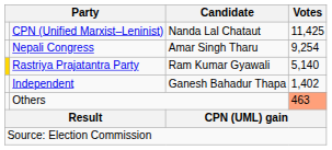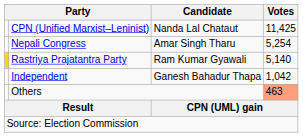 <table class="wikitable">
 <tr>
 <th colspan="2">Party</th>
 <th>Candidate</th>
 <th>Votes</th>
 </tr>
 <tr>
 <td style="background-color:"></td>
 <td><a href='#'>CPN (Unified Marxist–Leninist)</a></td>
 <td>Nanda Lal Chataut</td>
 <td>11,425</td>
 </tr>
 <tr>
 <td style="background-color:"></td>
 <td><a href='#'>Nepali Congress</a></td>
 <td>Amar Singh Tharu</td>
-<td>9,254</td>
+<td>5,254</td>
 </tr>
 <tr>
 <td style="background-color:gold"></td>
 <td><a href='#'>Rastriya Prajatantra Party</a></td>
 <td>Ram Kumar Gyawali</td>
 <td>5,140</td>
 </tr>
 <tr>
 <td style="background-color:"></td>
 <td><a href='#'>Independent</a></td>
 <td>Ganesh Bahadur Thapa</td>
-<td>1,402</td>
+<td>1,042</td>
 </tr>
 <tr>
 <td></td>
 <td colspan="2">Others</td>
 <td style="background: lightsalmon;">463</td>
 </tr>
 <tr>
 <th colspan="2">Result</th>
 <th colspan="2">CPN (UML) gain</th>
 </tr>
 <tr>
 <td colspan="4">Source: Election Commission</td>
 </tr>
 </table>
